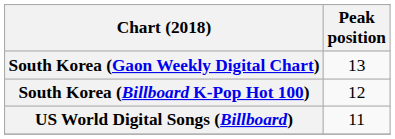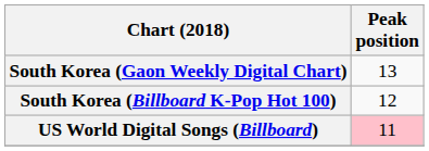 <table class="wikitable plainrowheaders" style="text-align:center;">
 <tr>
 <th>Chart (2018)</th>
 <th>Peak<br>position</th>
 </tr>
 <tr>
 <th scope="row">South Korea (<a href='#'>Gaon Weekly Digital Chart</a>)</th>
 <td>13</td>
 </tr>
 <tr>
 <th scope="row">South Korea (<a href='#'><em>Billboard</em> K-Pop Hot 100</a>)</th>
 <td>12</td>
 </tr>
 <tr>
 <th scope="row">US World Digital Songs (<em><a href='#'>Billboard</a></em>)</th>
-<td>11</td>
+<td style="background: pink;">11</td>
 </tr>
 <tr>
 </tr>
 </table>
